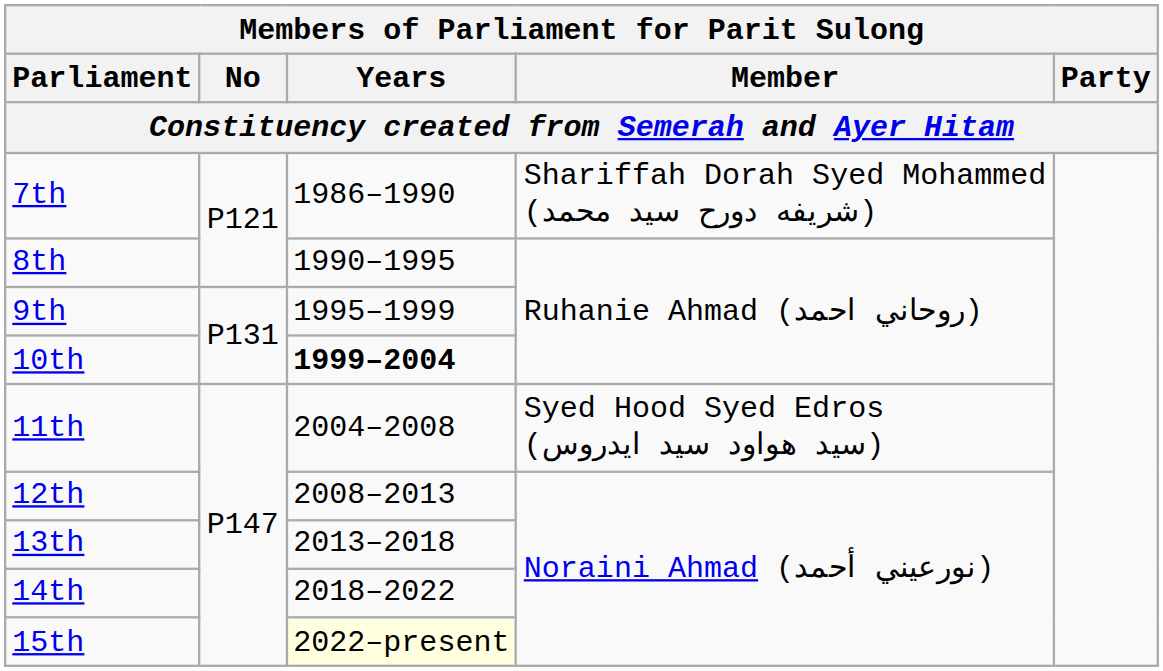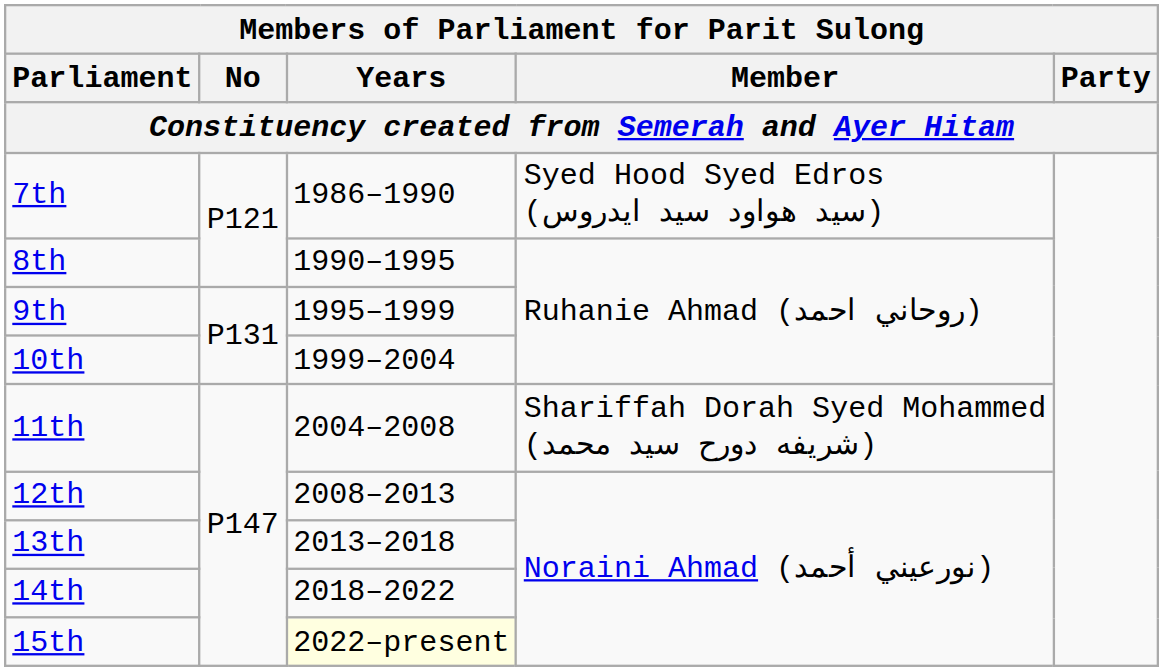 <table class=wikitable>
 <tr>
 <th colspan="5">Members of Parliament for Parit Sulong</th>
 </tr>
 <tr>
 <th>Parliament</th>
 <th>No</th>
 <th>Years</th>
 <th>Member</th>
 <th>Party</th>
 </tr>
 <tr>
 <th colspan="5" align="center"><em>Constituency created from <a href='#'>Semerah</a> and <a href='#'>Ayer Hitam</a></em></th>
 </tr>
 <tr>
 <td><a href='#'>7th</a></td>
 <td rowspan="2">P121</td>
 <td>1986–1990</td>
-<td>Shariffah Dorah Syed Mohammed  <br>(شريفه دورح سيد محمد)</td>
+<td>Syed Hood Syed Edros <br> (سيد هواود سيد ايدروس)</td>
 <td rowspan="9"></td>
 </tr>
 <tr>
 <td><a href='#'>8th</a></td>
 <td>1990–1995</td>
 <td rowspan=3>Ruhanie Ahmad (روحاني احمد)</td>
 </tr>
 <tr>
 <td><a href='#'>9th</a></td>
 <td rowspan="2">P131</td>
 <td>1995–1999</td>
 </tr>
 <tr>
 <td><a href='#'>10th</a></td>
-<td><strong>1999–2004</strong></td>
+<td>1999–2004</td>
 </tr>
 <tr>
 <td><a href='#'>11th</a></td>
 <td rowspan="5">P147</td>
 <td>2004–2008</td>
-<td>Syed Hood Syed Edros <br> (سيد هواود سيد ايدروس)</td>
+<td>Shariffah Dorah Syed Mohammed  <br>(شريفه دورح سيد محمد)</td>
 </tr>
 <tr>
 <td><a href='#'>12th</a></td>
 <td>2008–2013</td>
 <td rowspan="4"><a href='#'>Noraini Ahmad</a>  (نورعيني أحمد‎)</td>
 </tr>
 <tr>
 <td><a href='#'>13th</a></td>
 <td>2013–2018</td>
 </tr>
 <tr>
 <td><a href='#'>14th</a></td>
 <td>2018–2022</td>
 </tr>
 <tr>
 <td><a href='#'>15th</a></td>
 <td style="background: lightyellow;">2022–present</td>
 </tr>
 </table>
